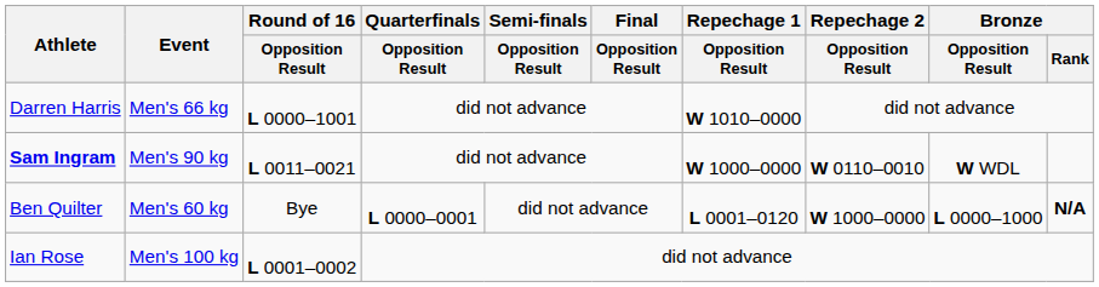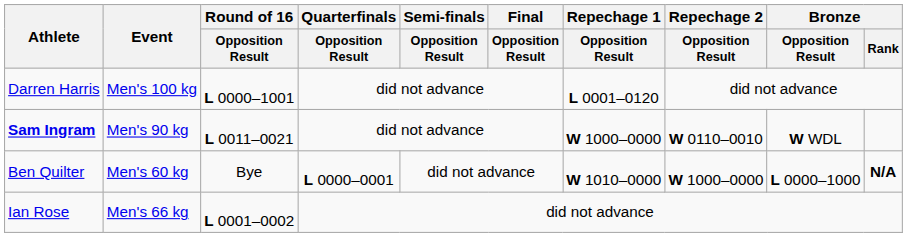 <table class="wikitable" style="font-size:90%">
 <tr>
 <th rowspan="2">Athlete</th>
 <th rowspan="2">Event</th>
 <th>Round of 16</th>
 <th>Quarterfinals</th>
 <th>Semi-finals</th>
 <th>Final</th>
 <th>Repechage 1</th>
 <th>Repechage 2</th>
 <th colspan="2">Bronze</th>
 </tr>
 <tr>
 <th style="line-height:1em"><small>Opposition<br>Result</small></th>
 <th style="line-height:1em"><small>Opposition<br>Result</small></th>
 <th style="line-height:1em"><small>Opposition<br>Result</small></th>
 <th style="line-height:1em"><small>Opposition<br>Result</small></th>
 <th style="line-height:1em"><small>Opposition<br>Result</small></th>
 <th style="line-height:1em"><small>Opposition<br>Result</small></th>
 <th style="line-height:1em"><small>Opposition<br>Result</small></th>
 <th style="line-height:1em"><small>Rank</small></th>
 </tr>
 <tr>
 <td><a href='#'>Darren Harris</a></td>
-<td><a href='#'>Men's 66 kg</a></td>
+<td><a href='#'>Men's 100 kg</a></td>
 <td align="center"><br><strong>L</strong> 0000–1001</td>
 <td align="center" colspan="3">did not advance</td>
-<td align="center"><br> <strong>W</strong> 1010–0000</td>
+<td align="center"><br><strong>L</strong> 0001–0120</td>
 <td align="center" colspan="3">did not advance</td>
 </tr>
 <tr>
 <td><strong><a href='#'>Sam Ingram</a></strong></td>
 <td><a href='#'>Men's 90 kg</a></td>
 <td align="center"><br><strong>L</strong> 0011–0021</td>
 <td colspan=3 align="center">did not advance</td>
 <td align="center"><br><strong>W</strong> 1000–0000</td>
 <td align="center"><br><strong>W</strong> 0110–0010</td>
 <td align="center"><br><strong>W</strong> WDL</td>
 <td align="center"></td>
 </tr>
 <tr>
 <td><a href='#'>Ben Quilter</a></td>
 <td><a href='#'>Men's 60 kg</a></td>
 <td align="center">Bye</td>
 <td align="center"><br> <strong>L</strong> 0000–0001</td>
 <td align="center" colspan="2">did not advance</td>
-<td align="center"><br><strong>L</strong> 0001–0120</td>
+<td align="center"><br> <strong>W</strong> 1010–0000</td>
 <td align="center"><br><strong>W</strong> 1000–0000</td>
 <td align="center"><br> <strong>L</strong> 0000–1000</td>
 <td align="center"><strong>N/A</strong></td>
 </tr>
 <tr>
 <td><a href='#'>Ian Rose</a></td>
-<td><a href='#'>Men's 100 kg</a></td>
+<td><a href='#'>Men's 66 kg</a></td>
 <td align="center"><br> <strong>L</strong> 0001–0002</td>
 <td align="center" colspan="7">did not advance</td>
 </tr>
 </table>
